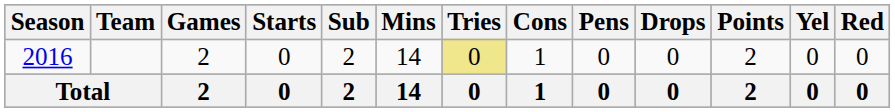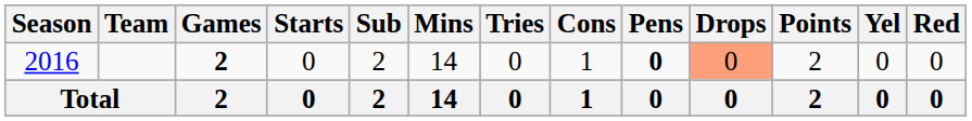 <table class="wikitable" style="text-align:center; line-height:90%; font-size:95%; width:60%;">
 <tr>
 <th>Season</th>
 <th>Team</th>
 <th>Games</th>
 <th>Starts</th>
 <th>Sub</th>
 <th>Mins</th>
 <th>Tries</th>
 <th>Cons</th>
 <th>Pens</th>
 <th>Drops</th>
 <th>Points</th>
 <th>Yel</th>
 <th>Red</th>
 </tr>
 <tr>
 <td><a href='#'>2016</a></td>
 <td></td>
-<td>2</td>
+<td><strong>2</strong></td>
 <td>0</td>
 <td>2</td>
 <td>14</td>
-<td style="background: khaki;">0</td>
+<td>0</td>
 <td>1</td>
-<td>0</td>
-<td>0</td>
+<td><strong>0</strong></td>
+<td style="background: lightsalmon;">0</td>
 <td>2</td>
 <td>0</td>
 <td>0</td>
 </tr>
 <tr>
 <th colspan="2">Total</th>
 <th>2</th>
 <th>0</th>
 <th>2</th>
 <th>14</th>
 <th>0</th>
 <th>1</th>
 <th>0</th>
 <th>0</th>
 <th>2</th>
 <th>0</th>
 <th>0</th>
 </tr>
 </table>
